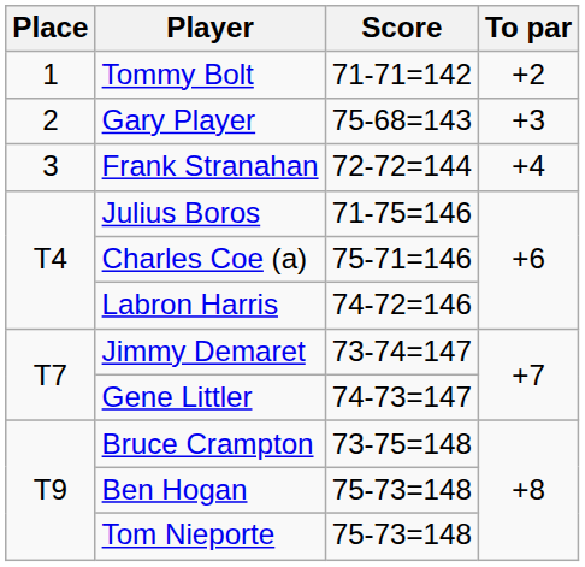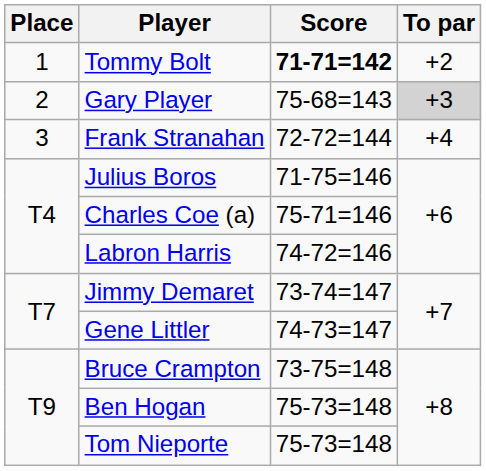 <table class=wikitable>
 <tr>
 <th>Place</th>
 <th>Player</th>
 <th>Score</th>
 <th>To par</th>
 </tr>
 <tr>
 <td align=center>1</td>
 <td> <a href='#'>Tommy Bolt</a></td>
-<td>71-71=142</td>
+<td><strong>71-71=142</strong></td>
 <td align=center>+2</td>
 </tr>
 <tr>
 <td align=center>2</td>
 <td> <a href='#'>Gary Player</a></td>
 <td>75-68=143</td>
-<td align=center>+3</td>
+<td align=center style="background: lightgrey;">+3</td>
 </tr>
 <tr>
 <td align=center>3</td>
 <td> <a href='#'>Frank Stranahan</a></td>
 <td>72-72=144</td>
 <td align=center>+4</td>
 </tr>
 <tr>
 <td rowspan=3 align=center>T4</td>
 <td> <a href='#'>Julius Boros</a></td>
 <td>71-75=146</td>
 <td rowspan=3 align=center>+6</td>
 </tr>
 <tr>
 <td> <a href='#'>Charles Coe</a> (a)</td>
 <td>75-71=146</td>
 </tr>
 <tr>
 <td> <a href='#'>Labron Harris</a></td>
 <td>74-72=146</td>
 </tr>
 <tr>
 <td rowspan=2 align=center>T7</td>
 <td> <a href='#'>Jimmy Demaret</a></td>
 <td>73-74=147</td>
 <td rowspan=2 align=center>+7</td>
 </tr>
 <tr>
 <td> <a href='#'>Gene Littler</a></td>
 <td>74-73=147</td>
 </tr>
 <tr>
 <td rowspan=3 align=center>T9</td>
 <td> <a href='#'>Bruce Crampton</a></td>
 <td>73-75=148</td>
 <td rowspan=3 align=center>+8</td>
 </tr>
 <tr>
 <td> <a href='#'>Ben Hogan</a></td>
 <td>75-73=148</td>
 </tr>
 <tr>
 <td> <a href='#'>Tom Nieporte</a></td>
 <td>75-73=148</td>
 </tr>
 </table>
